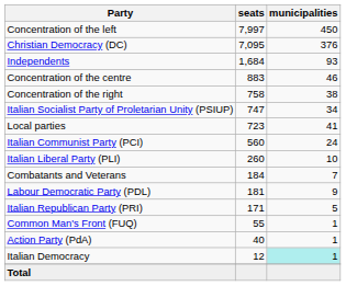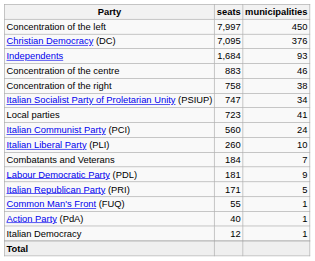 <table class="wikitable" style="font-size: 90%;">
 <tr bgcolor="EFEFEF">
 <th>Party</th>
 <th>seats</th>
 <th>municipalities</th>
 </tr>
 <tr>
 <td>Concentration of the left</td>
 <td align=right>7,997</td>
 <td align=right>450</td>
 </tr>
 <tr>
 <td><a href='#'>Christian Democracy</a> (DC)</td>
 <td align=right>7,095</td>
 <td align=right>376</td>
 </tr>
 <tr>
 <td><a href='#'>Independents</a></td>
 <td align=right>1,684</td>
 <td align=right>93</td>
 </tr>
 <tr>
 <td>Concentration of the centre</td>
 <td align=right>883</td>
 <td align=right>46</td>
 </tr>
 <tr>
 <td>Concentration of the right</td>
 <td align=right>758</td>
 <td align=right>38</td>
 </tr>
 <tr>
 <td><a href='#'>Italian Socialist Party of Proletarian Unity</a> (PSIUP)</td>
 <td align=right>747</td>
 <td align=right>34</td>
 </tr>
 <tr>
 <td>Local parties</td>
 <td align=right>723</td>
 <td align=right>41</td>
 </tr>
 <tr>
 <td><a href='#'>Italian Communist Party</a> (PCI)</td>
 <td align=right>560</td>
 <td align=right>24</td>
 </tr>
 <tr>
 <td><a href='#'>Italian Liberal Party</a> (PLI)</td>
 <td align=right>260</td>
 <td align=right>10</td>
 </tr>
 <tr>
 <td>Combatants and Veterans</td>
 <td align=right>184</td>
 <td align=right>7</td>
 </tr>
 <tr>
 <td><a href='#'>Labour Democratic Party</a> (PDL)</td>
 <td align=right>181</td>
 <td align=right>9</td>
 </tr>
 <tr>
 <td><a href='#'>Italian Republican Party</a> (PRI)</td>
 <td align=right>171</td>
 <td align=right>5</td>
 </tr>
 <tr>
 <td><a href='#'>Common Man's Front</a> (FUQ)</td>
 <td align=right>55</td>
 <td align=right>1</td>
 </tr>
 <tr>
 <td><a href='#'>Action Party</a> (PdA)</td>
 <td align=right>40</td>
 <td align=right>1</td>
 </tr>
 <tr>
 <td>Italian Democracy</td>
 <td align=right>12</td>
-<td align=right style="background: paleturquoise;">1</td>
+<td align=right>1</td>
 </tr>
 <tr>
 </tr>
 <tr bgcolor="EFEFEF">
 <td align=left><strong>Total</strong></td>
 <td align=right></td>
 <td align=right></td>
 </tr>
 </table>
